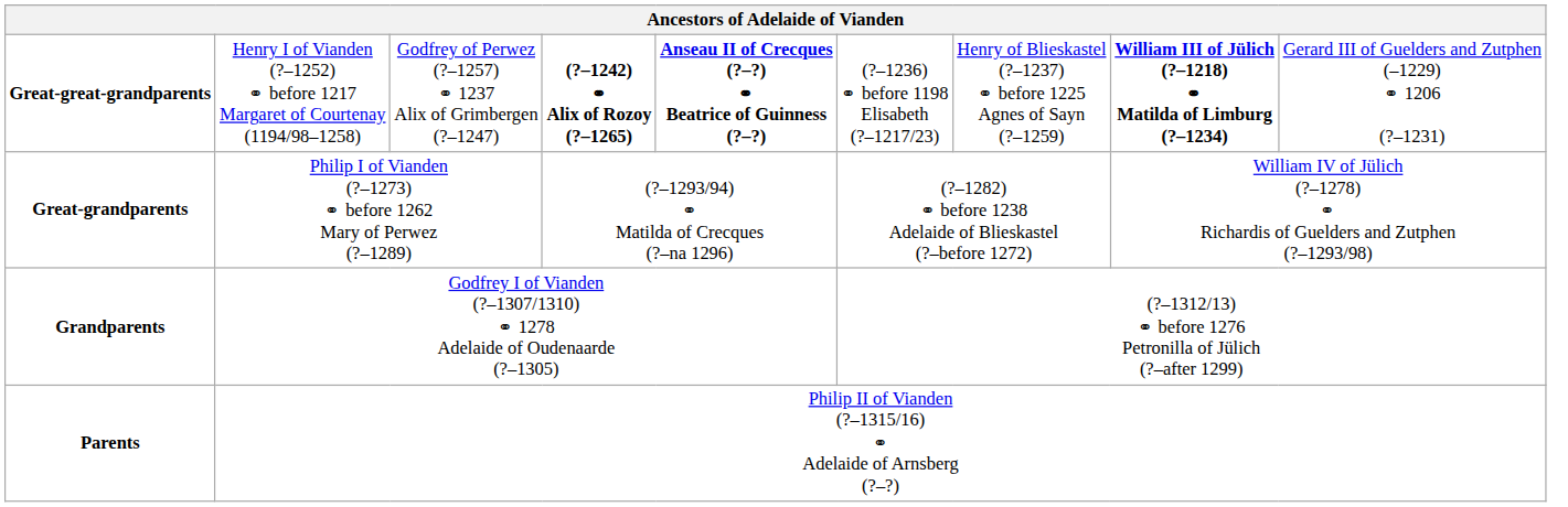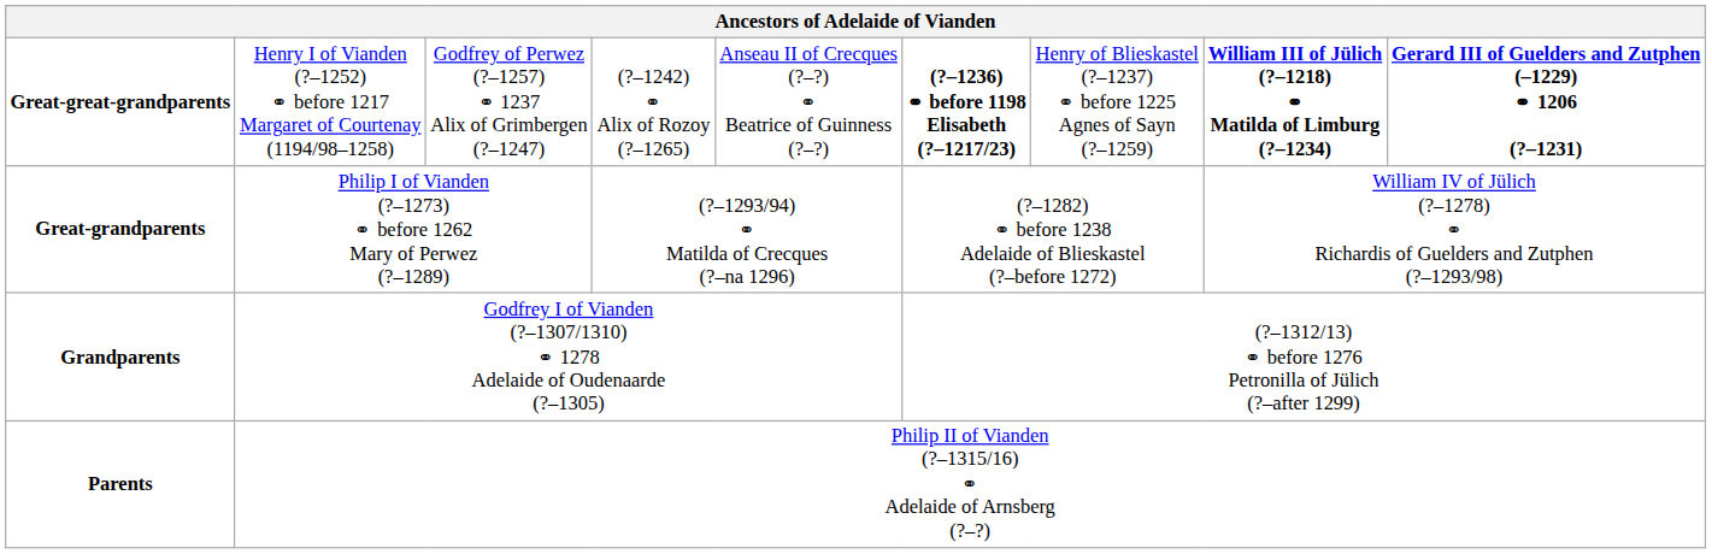 <table class="wikitable" style="background:#FFFFFF; font-size:85%; text-align:center">
 <tr bgcolor="#E0E0E0">
 <th colspan="9">Ancestors of Adelaide of Vianden</th>
 </tr>
 <tr>
 <td><strong>Great-great-grandparents</strong></td>
 <td colspan="1"><a href='#'>Henry I of Vianden</a><br>(?–1252)<br>⚭ before 1217<br><a href='#'>Margaret of Courtenay</a><br>(1194/98–1258)</td>
 <td colspan="1"><a href='#'>Godfrey of Perwez</a><br>(?–1257)<br>⚭ 1237<br>Alix of Grimbergen<br>(?–1247)</td>
-<td colspan="1"><strong><br>(?–1242)<br>⚭<br>Alix of Rozoy<br>(?–1265)</strong></td>
-<td colspan="1"><strong><a href='#'>Anseau II of Crecques</a><br>(?–?)<br>⚭<br>Beatrice of Guinness<br>(?–?)</strong></td>
-<td colspan="1"><br>(?–1236)<br>⚭ before 1198<br>Elisabeth<br>(?–1217/23)</td>
+<td colspan="1"><br>(?–1242)<br>⚭<br>Alix of Rozoy<br>(?–1265)</td>
+<td colspan="1"><a href='#'>Anseau II of Crecques</a><br>(?–?)<br>⚭<br>Beatrice of Guinness<br>(?–?)</td>
+<td colspan="1"><strong><br>(?–1236)<br>⚭ before 1198<br>Elisabeth<br>(?–1217/23)</strong></td>
 <td colspan="1"><a href='#'>Henry of Blieskastel</a><br>(?–1237)<br>⚭ before 1225<br>Agnes of Sayn<br>(?–1259)</td>
 <td colspan="1"><strong><a href='#'>William III of Jülich</a><br>(?–1218)<br>⚭<br>Matilda of Limburg<br>(?–1234)</strong></td>
-<td colspan="1"><a href='#'>Gerard III of Guelders and Zutphen</a><br>(–1229)<br>⚭ 1206<br><br>(?–1231)</td>
+<td colspan="1"><strong><a href='#'>Gerard III of Guelders and Zutphen</a><br>(–1229)<br>⚭ 1206<br><br>(?–1231)</strong></td>
 </tr>
 <tr>
 <td><strong>Great-grandparents</strong></td>
 <td colspan="2"><a href='#'>Philip I of Vianden</a><br>(?–1273)<br>⚭ before 1262<br>Mary of Perwez<br>(?–1289)</td>
 <td colspan="2"><br>(?–1293/94)<br>⚭<br>Matilda of Crecques<br>(?–na 1296)</td>
 <td colspan="2"><br>(?–1282)<br>⚭ before 1238<br>Adelaide of Blieskastel<br>(?–before 1272)</td>
 <td colspan="2"><a href='#'>William IV of Jülich</a><br>(?–1278)<br>⚭<br>Richardis of Guelders and Zutphen<br>(?–1293/98)</td>
 </tr>
 <tr>
 <td><strong>Grandparents</strong></td>
 <td colspan="4"><a href='#'>Godfrey I of Vianden</a><br>(?–1307/1310)<br>⚭ 1278<br>Adelaide of Oudenaarde<br>(?–1305)</td>
 <td colspan="4"><br>(?–1312/13)<br>⚭ before 1276<br>Petronilla of Jülich<br>(?–after 1299)</td>
 </tr>
 <tr>
 <td><strong>Parents</strong></td>
 <td colspan="8"><a href='#'>Philip II of Vianden</a><br>(?–1315/16)<br>⚭<br>Adelaide of Arnsberg<br>(?–?)</td>
 </tr>
 </table>
